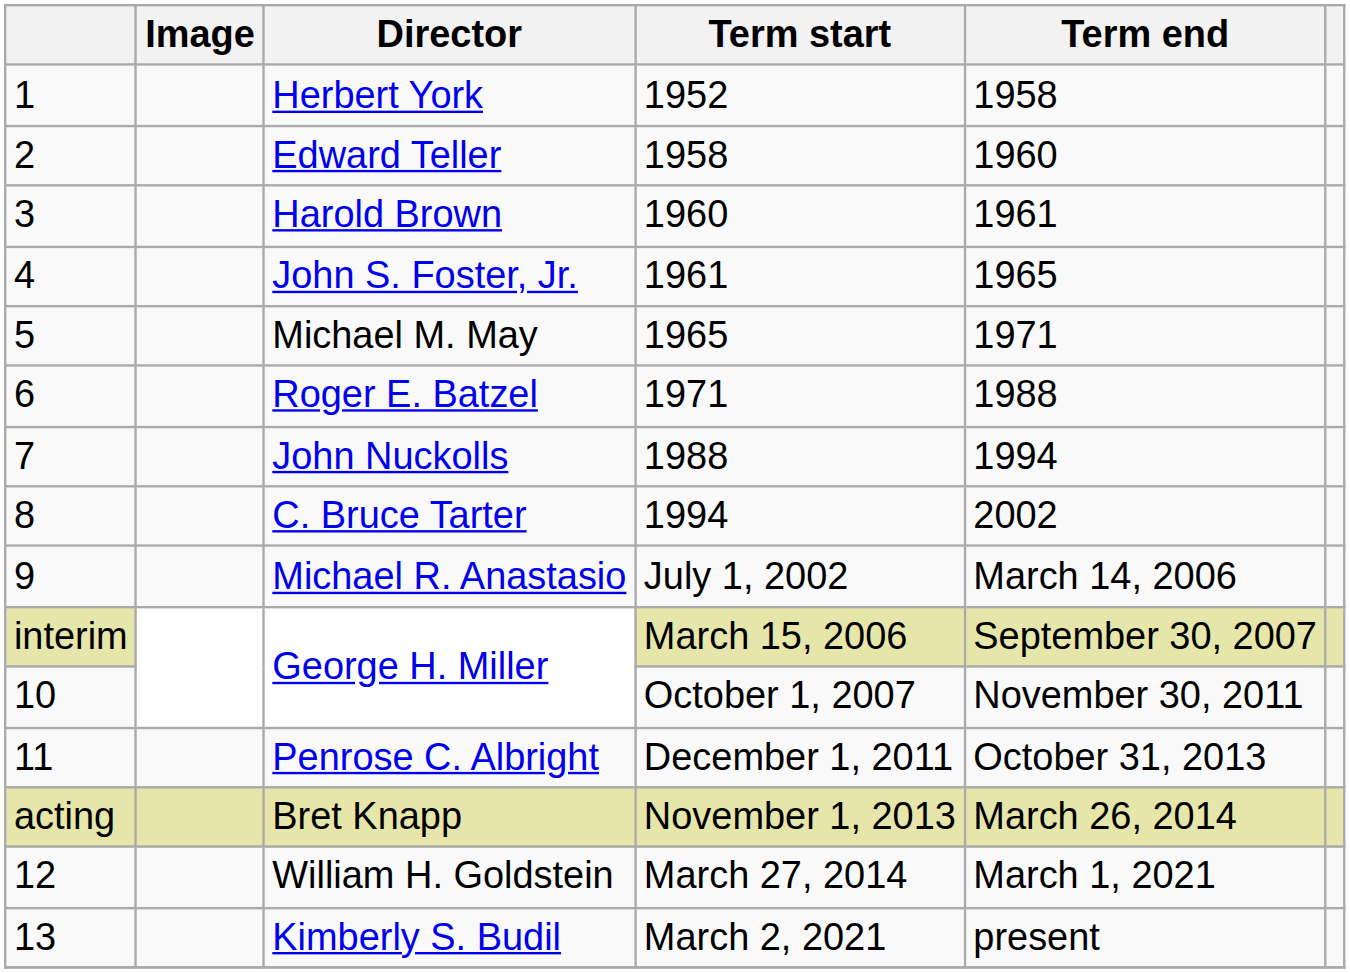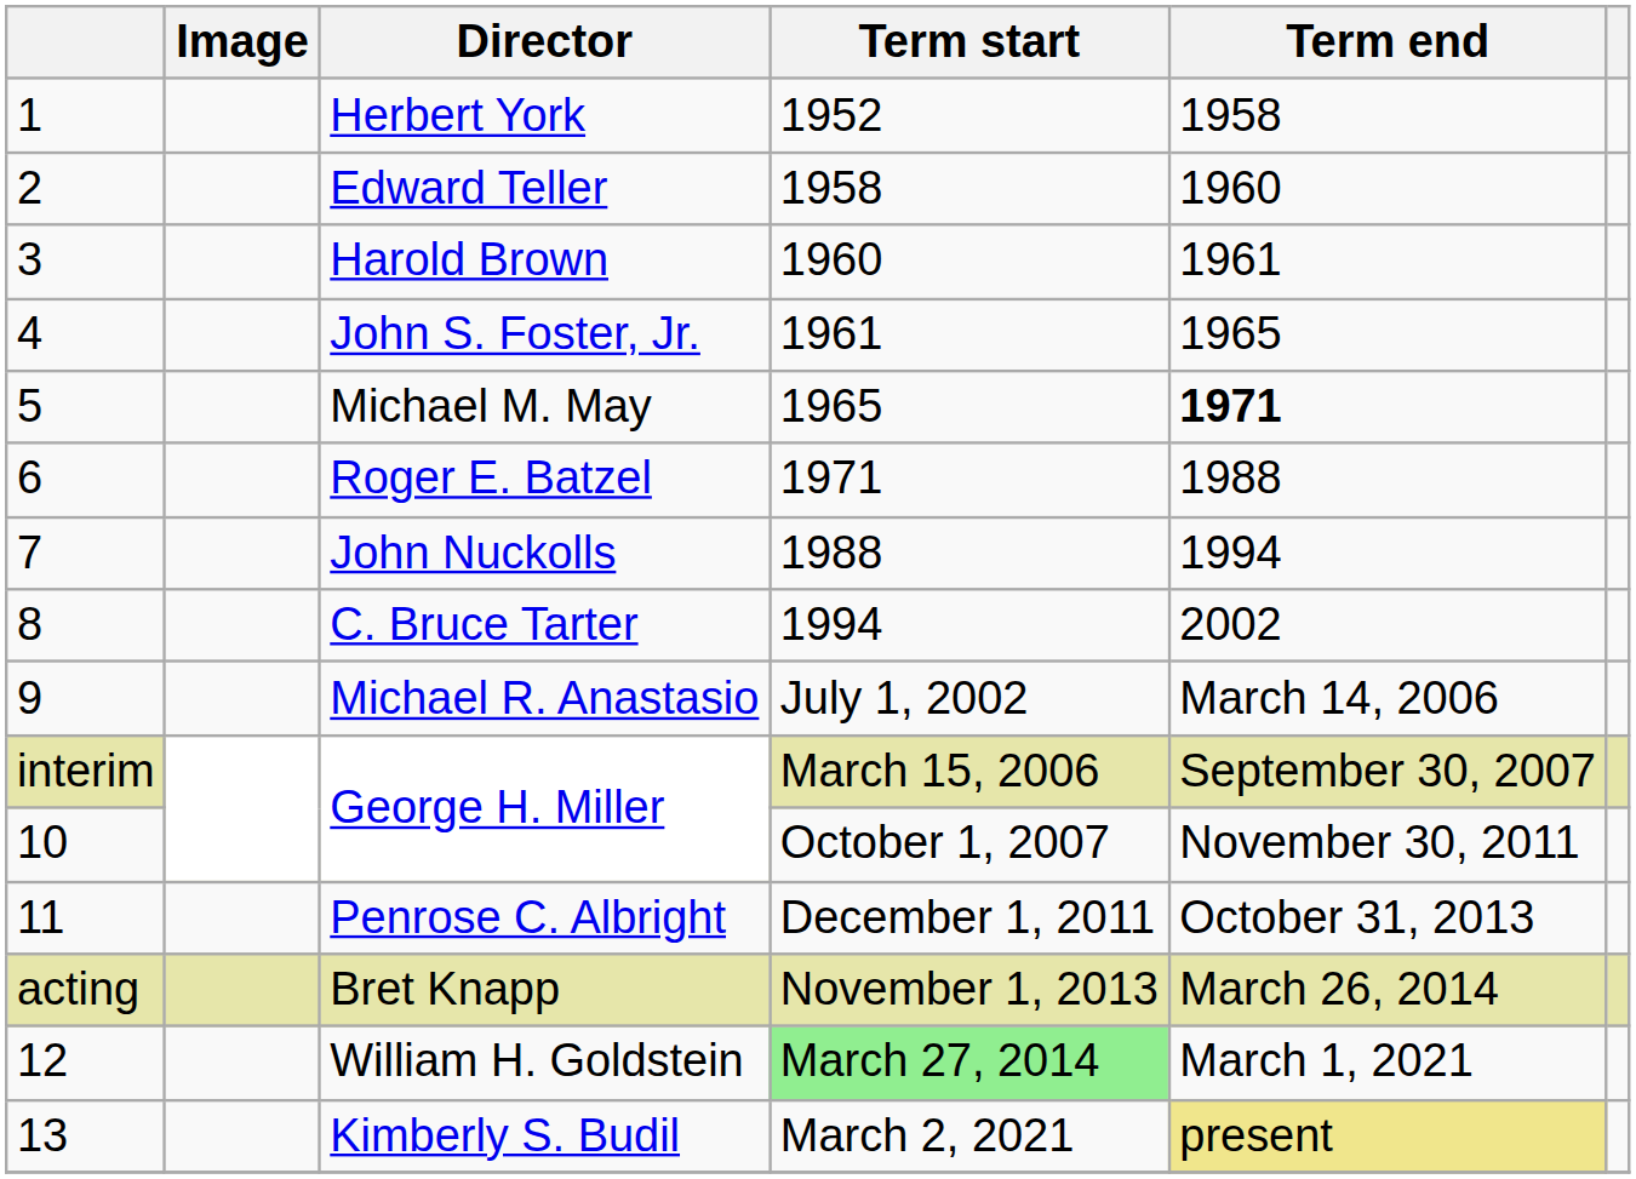 <table class="wikitable">
 <tr>
 <th></th>
 <th>Image</th>
 <th>Director</th>
 <th>Term start</th>
 <th>Term end</th>
 <th></th>
 </tr>
 <tr>
 <td>1</td>
 <td></td>
 <td><a href='#'>Herbert York</a></td>
 <td>1952</td>
 <td>1958</td>
 <td></td>
 </tr>
 <tr>
 <td>2</td>
 <td></td>
 <td><a href='#'>Edward Teller</a></td>
 <td>1958</td>
 <td>1960</td>
 <td></td>
 </tr>
 <tr>
 <td>3</td>
 <td></td>
 <td><a href='#'>Harold Brown</a></td>
 <td>1960</td>
 <td>1961</td>
 <td></td>
 </tr>
 <tr>
 <td>4</td>
 <td></td>
 <td><a href='#'>John S. Foster, Jr.</a></td>
 <td>1961</td>
 <td>1965</td>
 <td></td>
 </tr>
 <tr>
 <td>5</td>
 <td></td>
 <td>Michael M. May</td>
 <td>1965</td>
-<td>1971</td>
+<td><strong>1971</strong></td>
 <td></td>
 </tr>
 <tr>
 <td>6</td>
 <td></td>
 <td><a href='#'>Roger E. Batzel</a></td>
 <td>1971</td>
 <td>1988</td>
 <td></td>
 </tr>
 <tr>
 <td>7</td>
 <td></td>
 <td><a href='#'>John Nuckolls</a></td>
 <td>1988</td>
 <td>1994</td>
 <td></td>
 </tr>
 <tr>
 <td>8</td>
 <td></td>
 <td><a href='#'>C. Bruce Tarter</a></td>
 <td>1994</td>
 <td>2002</td>
 <td></td>
 </tr>
 <tr>
 <td>9</td>
 <td></td>
 <td><a href='#'>Michael R. Anastasio</a></td>
 <td>July 1, 2002</td>
 <td>March 14, 2006</td>
 <td></td>
 </tr>
 <tr bgcolor="#e6e6aa">
 <td>interim</td>
 <td rowspan="2" bgcolor="#ffffff"></td>
 <td rowspan="2" bgcolor="#ffffff"><a href='#'>George H. Miller</a></td>
 <td>March 15, 2006</td>
 <td>September 30, 2007</td>
 <td></td>
 </tr>
 <tr>
 <td>10</td>
 <td>October 1, 2007</td>
 <td>November 30, 2011</td>
 <td></td>
 </tr>
 <tr>
 <td>11</td>
 <td></td>
 <td><a href='#'>Penrose C. Albright</a></td>
 <td>December 1, 2011</td>
 <td>October 31, 2013</td>
 <td></td>
 </tr>
 <tr bgcolor="#e6e6aa">
 <td>acting</td>
 <td></td>
 <td>Bret Knapp</td>
 <td>November 1, 2013</td>
 <td>March 26, 2014</td>
 <td></td>
 </tr>
 <tr>
 <td>12</td>
 <td></td>
 <td>William H. Goldstein</td>
-<td>March 27, 2014</td>
+<td style="background: lightgreen;">March 27, 2014</td>
 <td>March 1, 2021</td>
 <td></td>
 </tr>
 <tr>
 <td>13</td>
 <td></td>
 <td><a href='#'>Kimberly S. Budil</a></td>
 <td>March 2, 2021</td>
-<td>present</td>
+<td style="background: khaki;">present</td>
 <td></td>
 </tr>
 <tr>
 </tr>
 </table>
